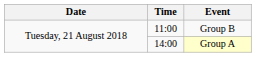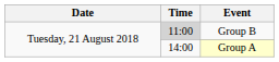 <table class="wikitable" style="text-align:center;">
 <tr>
 <th width="220">Date</th>
 <th width="50">Time</th>
 <th width="100">Event</th>
 </tr>
 <tr>
 <td rowspan="2">Tuesday, 21 August 2018</td>
-<td>11:00</td>
+<td style="background: lightgrey;">11:00</td>
 <td>Group B</td>
 </tr>
 <tr>
 <td>14:00</td>
 <td bgcolor="#ffffcc">Group A</td>
 </tr>
 </table>
